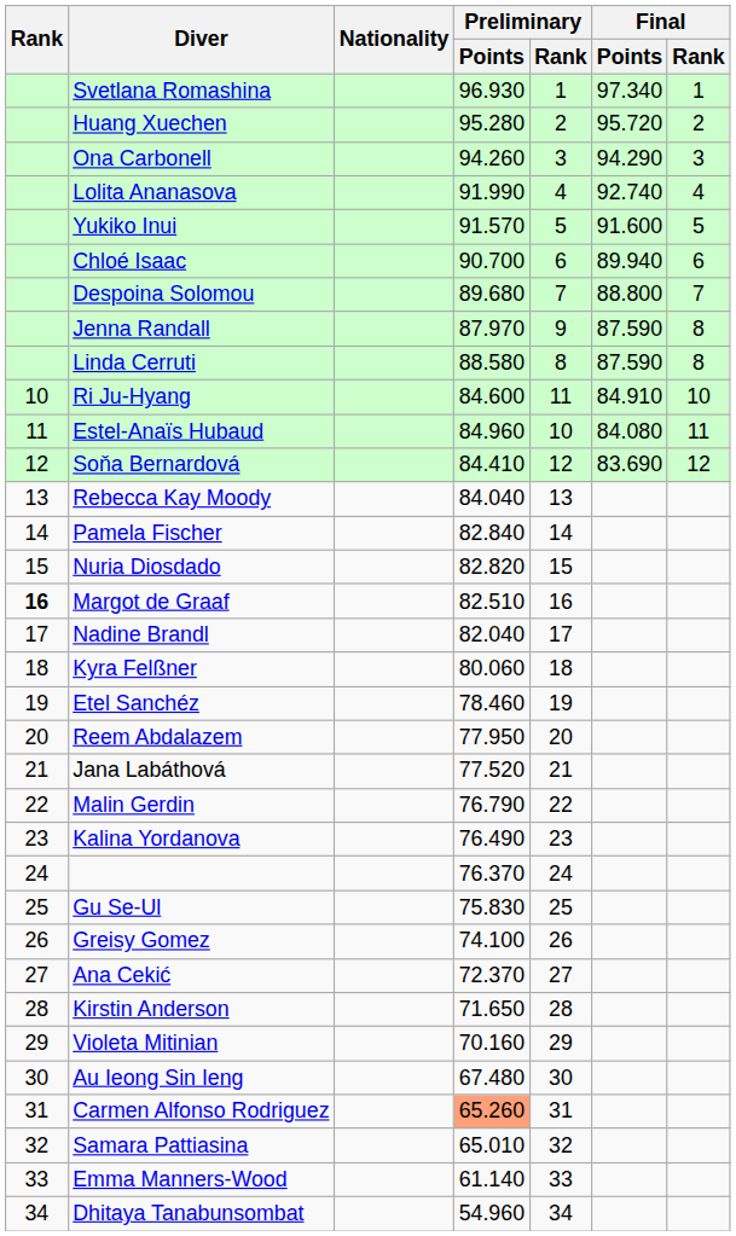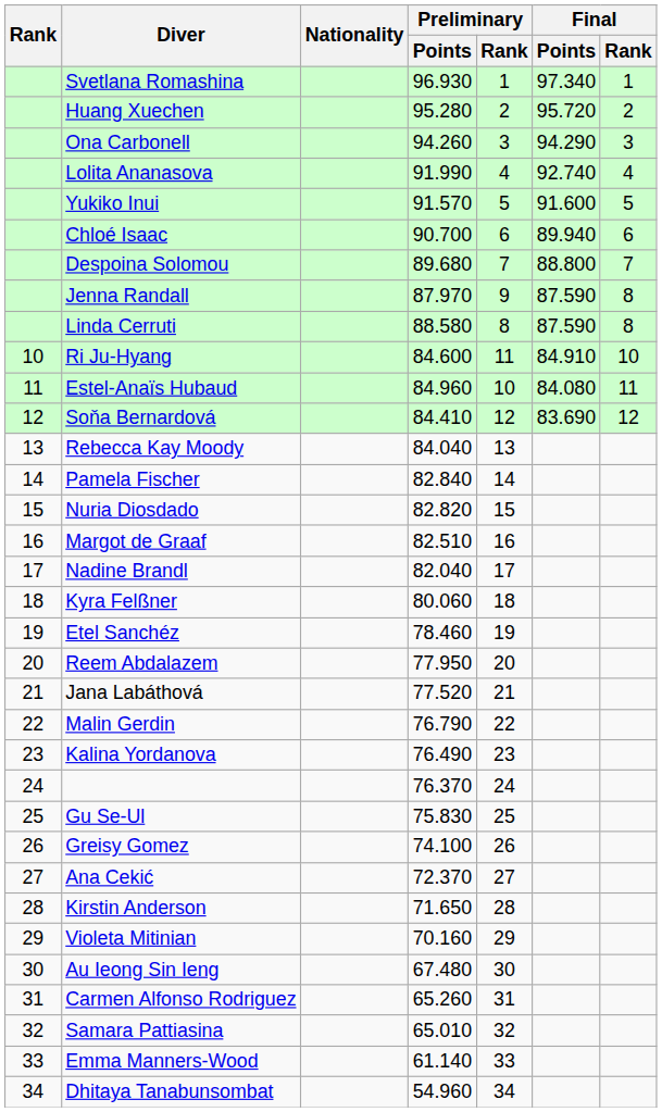 <table class="wikitable sortable" style="text-align:center">
 <tr>
 <th rowspan="2">Rank</th>
 <th rowspan="2">Diver</th>
 <th rowspan="2">Nationality</th>
 <th colspan="2">Preliminary</th>
 <th colspan="2">Final</th>
 </tr>
 <tr>
 <th>Points</th>
 <th>Rank</th>
 <th>Points</th>
 <th>Rank</th>
 </tr>
 <tr bgcolor=ccffcc>
 <td></td>
 <td align=left><a href='#'>Svetlana Romashina</a></td>
 <td align=left></td>
 <td>96.930</td>
 <td>1</td>
 <td>97.340</td>
 <td>1</td>
 </tr>
 <tr bgcolor=ccffcc>
 <td></td>
 <td align=left><a href='#'>Huang Xuechen</a></td>
 <td align=left></td>
 <td>95.280</td>
 <td>2</td>
 <td>95.720</td>
 <td>2</td>
 </tr>
 <tr bgcolor=ccffcc>
 <td></td>
 <td align=left><a href='#'>Ona Carbonell</a></td>
 <td align=left></td>
 <td>94.260</td>
 <td>3</td>
 <td>94.290</td>
 <td>3</td>
 </tr>
 <tr bgcolor=ccffcc>
 <td></td>
 <td align=left><a href='#'>Lolita Ananasova</a></td>
 <td align=left></td>
 <td>91.990</td>
 <td>4</td>
 <td>92.740</td>
 <td>4</td>
 </tr>
 <tr bgcolor=ccffcc>
 <td></td>
 <td align=left><a href='#'>Yukiko Inui</a></td>
 <td align=left></td>
 <td>91.570</td>
 <td>5</td>
 <td>91.600</td>
 <td>5</td>
 </tr>
 <tr bgcolor=ccffcc>
 <td></td>
 <td align=left><a href='#'>Chloé Isaac</a></td>
 <td align=left></td>
 <td>90.700</td>
 <td>6</td>
 <td>89.940</td>
 <td>6</td>
 </tr>
 <tr bgcolor=ccffcc>
 <td></td>
 <td align=left><a href='#'>Despoina Solomou</a></td>
 <td align=left></td>
 <td>89.680</td>
 <td>7</td>
 <td>88.800</td>
 <td>7</td>
 </tr>
 <tr bgcolor=ccffcc>
 <td></td>
 <td align=left><a href='#'>Jenna Randall</a></td>
 <td align=left></td>
 <td>87.970</td>
 <td>9</td>
 <td>87.590</td>
 <td>8</td>
 </tr>
 <tr bgcolor=ccffcc>
 <td></td>
 <td align=left><a href='#'>Linda Cerruti</a></td>
 <td align=left></td>
 <td>88.580</td>
 <td>8</td>
 <td>87.590</td>
 <td>8</td>
 </tr>
 <tr bgcolor=ccffcc>
 <td>10</td>
 <td align=left><a href='#'>Ri Ju-Hyang</a></td>
 <td align=left></td>
 <td>84.600</td>
 <td>11</td>
 <td>84.910</td>
 <td>10</td>
 </tr>
 <tr bgcolor=ccffcc>
 <td>11</td>
 <td align=left><a href='#'>Estel-Anaïs Hubaud</a></td>
 <td align=left></td>
 <td>84.960</td>
 <td>10</td>
 <td>84.080</td>
 <td>11</td>
 </tr>
 <tr bgcolor=ccffcc>
 <td>12</td>
 <td align=left><a href='#'>Soňa Bernardová</a></td>
 <td align=left></td>
 <td>84.410</td>
 <td>12</td>
 <td>83.690</td>
 <td>12</td>
 </tr>
 <tr>
 <td>13</td>
 <td align=left><a href='#'>Rebecca Kay Moody</a></td>
 <td align=left></td>
 <td>84.040</td>
 <td>13</td>
 <td></td>
 <td></td>
 </tr>
 <tr>
 <td>14</td>
 <td align=left><a href='#'>Pamela Fischer</a></td>
 <td align=left></td>
 <td>82.840</td>
 <td>14</td>
 <td></td>
 <td></td>
 </tr>
 <tr>
 <td>15</td>
 <td align=left><a href='#'>Nuria Diosdado</a></td>
 <td align=left></td>
 <td>82.820</td>
 <td>15</td>
 <td></td>
 <td></td>
 </tr>
 <tr>
-<td><strong>16</strong></td>
+<td>16</td>
 <td align=left><a href='#'>Margot de Graaf</a></td>
 <td align=left></td>
 <td>82.510</td>
 <td>16</td>
 <td></td>
 <td></td>
 </tr>
 <tr>
 <td>17</td>
 <td align=left><a href='#'>Nadine Brandl</a></td>
 <td align=left></td>
 <td>82.040</td>
 <td>17</td>
 <td></td>
 <td></td>
 </tr>
 <tr>
 <td>18</td>
 <td align=left><a href='#'>Kyra Felßner</a></td>
 <td align=left></td>
 <td>80.060</td>
 <td>18</td>
 <td></td>
 <td></td>
 </tr>
 <tr>
 <td>19</td>
 <td align=left><a href='#'>Etel Sanchéz</a></td>
 <td align=left></td>
 <td>78.460</td>
 <td>19</td>
 <td></td>
 <td></td>
 </tr>
 <tr>
 <td>20</td>
 <td align=left><a href='#'>Reem Abdalazem</a></td>
 <td align=left></td>
 <td>77.950</td>
 <td>20</td>
 <td></td>
 <td></td>
 </tr>
 <tr>
 <td>21</td>
 <td align=left>Jana Labáthová</td>
 <td align=left></td>
 <td>77.520</td>
 <td>21</td>
 <td></td>
 <td></td>
 </tr>
 <tr>
 <td>22</td>
 <td align=left><a href='#'>Malin Gerdin</a></td>
 <td align=left></td>
 <td>76.790</td>
 <td>22</td>
 <td></td>
 <td></td>
 </tr>
 <tr>
 <td>23</td>
 <td align=left><a href='#'>Kalina Yordanova</a></td>
 <td align=left></td>
 <td>76.490</td>
 <td>23</td>
 <td></td>
 <td></td>
 </tr>
 <tr>
 <td>24</td>
 <td align=left></td>
 <td align=left></td>
 <td>76.370</td>
 <td>24</td>
 <td></td>
 <td></td>
 </tr>
 <tr>
 <td>25</td>
 <td align=left><a href='#'>Gu Se-Ul</a></td>
 <td align=left></td>
 <td>75.830</td>
 <td>25</td>
 <td></td>
 <td></td>
 </tr>
 <tr>
 <td>26</td>
 <td align=left><a href='#'>Greisy Gomez</a></td>
 <td align=left></td>
 <td>74.100</td>
 <td>26</td>
 <td></td>
 <td></td>
 </tr>
 <tr>
 <td>27</td>
 <td align=left><a href='#'>Ana Cekić</a></td>
 <td align=left></td>
 <td>72.370</td>
 <td>27</td>
 <td></td>
 <td></td>
 </tr>
 <tr>
 <td>28</td>
 <td align=left><a href='#'>Kirstin Anderson</a></td>
 <td align=left></td>
 <td>71.650</td>
 <td>28</td>
 <td></td>
 <td></td>
 </tr>
 <tr>
 <td>29</td>
 <td align=left><a href='#'>Violeta Mitinian</a></td>
 <td align=left></td>
 <td>70.160</td>
 <td>29</td>
 <td></td>
 <td></td>
 </tr>
 <tr>
 <td>30</td>
 <td align=left><a href='#'>Au Ieong Sin Ieng</a></td>
 <td align=left></td>
 <td>67.480</td>
 <td>30</td>
 <td></td>
 <td></td>
 </tr>
 <tr>
 <td>31</td>
 <td align=left><a href='#'>Carmen Alfonso Rodriguez</a></td>
 <td align=left></td>
-<td style="background: lightsalmon;">65.260</td>
+<td>65.260</td>
 <td>31</td>
 <td></td>
 <td></td>
 </tr>
 <tr>
 <td>32</td>
 <td align=left><a href='#'>Samara Pattiasina</a></td>
 <td align=left></td>
 <td>65.010</td>
 <td>32</td>
 <td></td>
 <td></td>
 </tr>
 <tr>
 <td>33</td>
 <td align=left><a href='#'>Emma Manners-Wood</a></td>
 <td align=left></td>
 <td>61.140</td>
 <td>33</td>
 <td></td>
 <td></td>
 </tr>
 <tr>
 <td>34</td>
 <td align=left><a href='#'>Dhitaya Tanabunsombat</a></td>
 <td align=left></td>
 <td>54.960</td>
 <td>34</td>
 <td></td>
 <td></td>
 </tr>
 </table>
